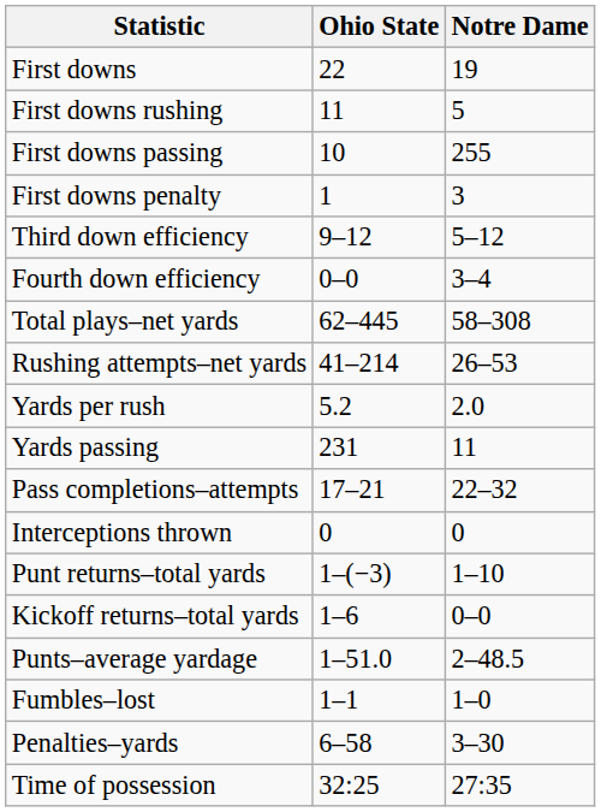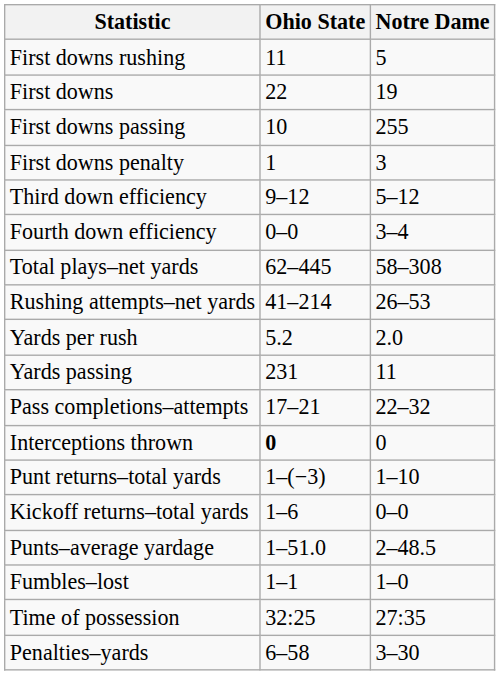 <table class="wikitable">
 <tr>
 <th>Statistic</th>
 <th>Ohio State</th>
 <th>Notre Dame</th>
 </tr>
 <tr>
+<td>First downs rushing</td>
+<td>11</td>
+<td>5</td>
+</tr>
+<tr>
 <td>First downs</td>
 <td>22</td>
 <td>19</td>
-</tr>
-<tr>
-<td>First downs rushing</td>
-<td>11</td>
-<td>5</td>
 </tr>
 <tr>
 <td>First downs passing</td>
 <td>10</td>
 <td>255</td>
 </tr>
 <tr>
 <td>First downs penalty</td>
 <td>1</td>
 <td>3</td>
 </tr>
 <tr>
 <td>Third down efficiency</td>
 <td>9–12</td>
 <td>5–12</td>
 </tr>
 <tr>
 <td>Fourth down efficiency</td>
 <td>0–0</td>
 <td>3–4</td>
 </tr>
 <tr>
 <td>Total plays–net yards</td>
 <td>62–445</td>
 <td>58–308</td>
 </tr>
 <tr>
 <td>Rushing attempts–net yards</td>
 <td>41–214</td>
 <td>26–53</td>
 </tr>
 <tr>
 <td>Yards per rush</td>
 <td>5.2</td>
 <td>2.0</td>
 </tr>
 <tr>
 <td>Yards passing</td>
 <td>231</td>
 <td>11</td>
 </tr>
 <tr>
 <td>Pass completions–attempts</td>
 <td>17–21</td>
 <td>22–32</td>
 </tr>
 <tr>
 <td>Interceptions thrown</td>
-<td>0</td>
+<td><strong>0</strong></td>
 <td>0</td>
 </tr>
 <tr>
 <td>Punt returns–total yards</td>
 <td>1–(−3)</td>
 <td>1–10</td>
 </tr>
 <tr>
 <td>Kickoff returns–total yards</td>
 <td>1–6</td>
 <td>0–0</td>
 </tr>
 <tr>
 <td>Punts–average yardage</td>
 <td>1–51.0</td>
 <td>2–48.5</td>
 </tr>
 <tr>
 <td>Fumbles–lost</td>
 <td>1–1</td>
 <td>1–0</td>
 </tr>
 <tr>
+<td>Time of possession</td>
+<td>32:25</td>
+<td>27:35</td>
+</tr>
+<tr>
 <td>Penalties–yards</td>
 <td>6–58</td>
 <td>3–30</td>
 </tr>
-<tr>
-<td>Time of possession</td>
-<td>32:25</td>
-<td>27:35</td>
-</tr>
 </table>
